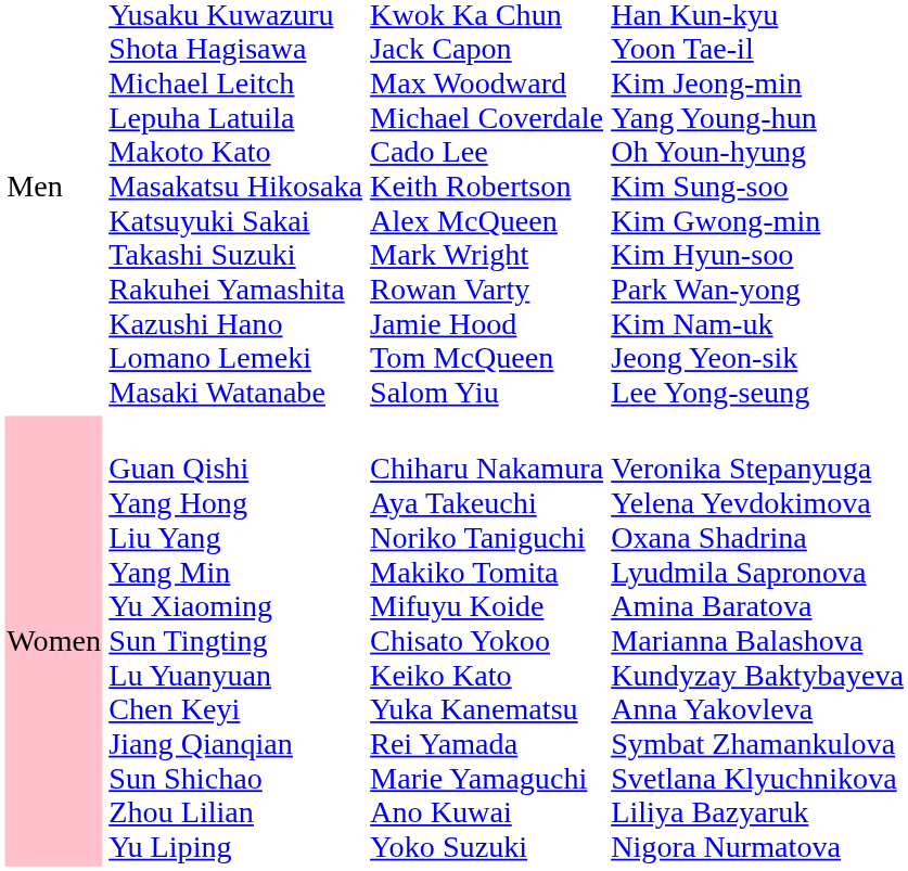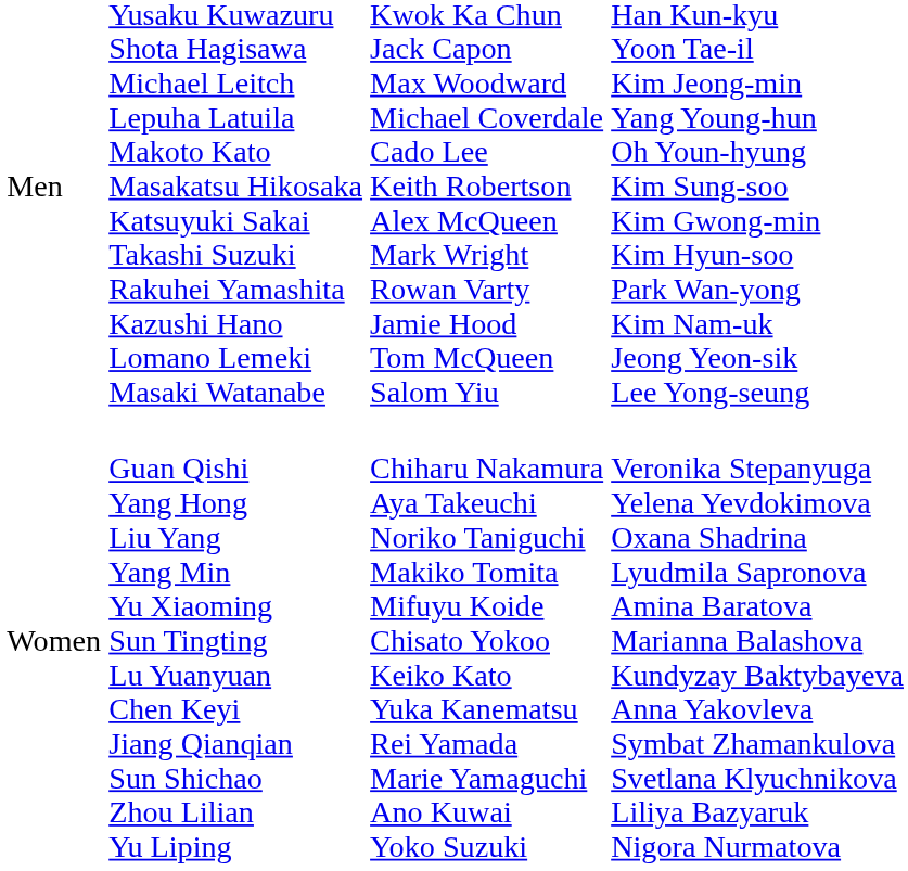 <table>
 <tr>
 <td>Men<br></td>
 <td><br><a href='#'>Yusaku Kuwazuru</a><br><a href='#'>Shota Hagisawa</a><br><a href='#'>Michael Leitch</a><br><a href='#'>Lepuha Latuila</a><br><a href='#'>Makoto Kato</a><br><a href='#'>Masakatsu Hikosaka</a><br><a href='#'>Katsuyuki Sakai</a><br><a href='#'>Takashi Suzuki</a><br><a href='#'>Rakuhei Yamashita</a><br><a href='#'>Kazushi Hano</a><br><a href='#'>Lomano Lemeki</a><br><a href='#'>Masaki Watanabe</a></td>
 <td><br><a href='#'>Kwok Ka Chun</a><br><a href='#'>Jack Capon</a><br><a href='#'>Max Woodward</a><br><a href='#'>Michael Coverdale</a><br><a href='#'>Cado Lee</a><br><a href='#'>Keith Robertson</a><br><a href='#'>Alex McQueen</a><br><a href='#'>Mark Wright</a><br><a href='#'>Rowan Varty</a><br><a href='#'>Jamie Hood</a><br><a href='#'>Tom McQueen</a><br><a href='#'>Salom Yiu</a></td>
 <td><br><a href='#'>Han Kun-kyu</a><br><a href='#'>Yoon Tae-il</a><br><a href='#'>Kim Jeong-min</a><br><a href='#'>Yang Young-hun</a><br><a href='#'>Oh Youn-hyung</a><br><a href='#'>Kim Sung-soo</a><br><a href='#'>Kim Gwong-min</a><br><a href='#'>Kim Hyun-soo</a><br><a href='#'>Park Wan-yong</a><br><a href='#'>Kim Nam-uk</a><br><a href='#'>Jeong Yeon-sik</a><br><a href='#'>Lee Yong-seung</a></td>
 </tr>
 <tr>
-<td style="background: pink;">Women<br></td>
+<td>Women<br></td>
 <td><br><a href='#'>Guan Qishi</a><br><a href='#'>Yang Hong</a><br><a href='#'>Liu Yang</a><br><a href='#'>Yang Min</a><br><a href='#'>Yu Xiaoming</a><br><a href='#'>Sun Tingting</a><br><a href='#'>Lu Yuanyuan</a><br><a href='#'>Chen Keyi</a><br><a href='#'>Jiang Qianqian</a><br><a href='#'>Sun Shichao</a><br><a href='#'>Zhou Lilian</a><br><a href='#'>Yu Liping</a></td>
 <td><br><a href='#'>Chiharu Nakamura</a><br><a href='#'>Aya Takeuchi</a><br><a href='#'>Noriko Taniguchi</a><br><a href='#'>Makiko Tomita</a><br><a href='#'>Mifuyu Koide</a><br><a href='#'>Chisato Yokoo</a><br><a href='#'>Keiko Kato</a><br><a href='#'>Yuka Kanematsu</a><br><a href='#'>Rei Yamada</a><br><a href='#'>Marie Yamaguchi</a><br><a href='#'>Ano Kuwai</a><br><a href='#'>Yoko Suzuki</a></td>
 <td><br><a href='#'>Veronika Stepanyuga</a><br><a href='#'>Yelena Yevdokimova</a><br><a href='#'>Oxana Shadrina</a><br><a href='#'>Lyudmila Sapronova</a><br><a href='#'>Amina Baratova</a><br><a href='#'>Marianna Balashova</a><br><a href='#'>Kundyzay Baktybayeva</a><br><a href='#'>Anna Yakovleva</a><br><a href='#'>Symbat Zhamankulova</a><br><a href='#'>Svetlana Klyuchnikova</a><br><a href='#'>Liliya Bazyaruk</a><br><a href='#'>Nigora Nurmatova</a></td>
 </tr>
 </table>
